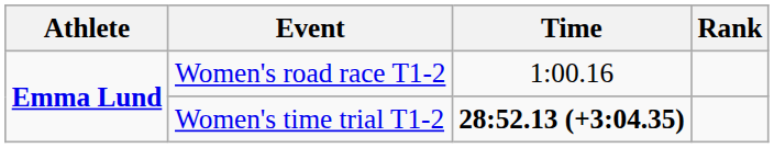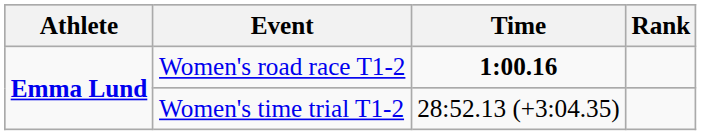 <table class=wikitable style=font-size:95%;text-align:center>
 <tr>
 <th>Athlete</th>
 <th>Event</th>
 <th>Time</th>
 <th>Rank</th>
 </tr>
 <tr align=center>
 <td align=left rowspan=2><strong><a href='#'>Emma Lund</a></strong></td>
 <td align=left><a href='#'>Women's road race T1-2</a></td>
-<td>1:00.16</td>
+<td><strong>1:00.16</strong></td>
 <td></td>
 </tr>
 <tr align=center>
 <td align=left><a href='#'>Women's time trial T1-2</a></td>
-<td><strong>28:52.13 (+3:04.35)</strong></td>
+<td>28:52.13 (+3:04.35)</td>
 <td></td>
 </tr>
 </table>
